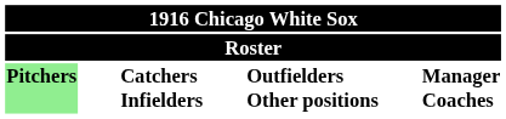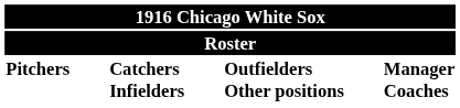 <table class="toccolours" style="font-size: 95%;">
 <tr>
 <th colspan="10" style="background-color: black; color: white; text-align: center;">1916 Chicago White Sox</th>
 </tr>
 <tr>
 <td colspan="10" style="background-color: black; color: white; text-align: center;"><strong>Roster</strong></td>
 </tr>
 <tr>
-<td valign="top" style="background: lightgreen;"><strong>Pitchers</strong><br>        </td>
+<td valign="top"><strong>Pitchers</strong><br>        </td>
 <td width="25px"></td>
 <td valign="top"><strong>Catchers</strong><br>   <strong>Infielders</strong>          </td>
 <td width="25px"></td>
 <td valign="top"><strong>Outfielders</strong><br>     <strong>Other positions</strong>   </td>
 <td width="25px"></td>
 <td valign="top"><strong>Manager</strong><br> <strong>Coaches</strong> </td>
 </tr>
 </table>
